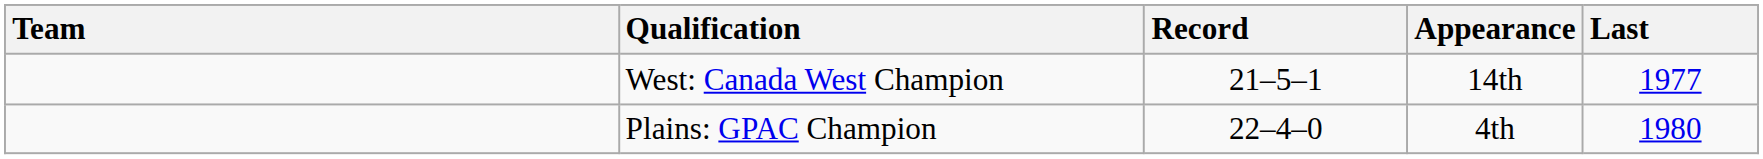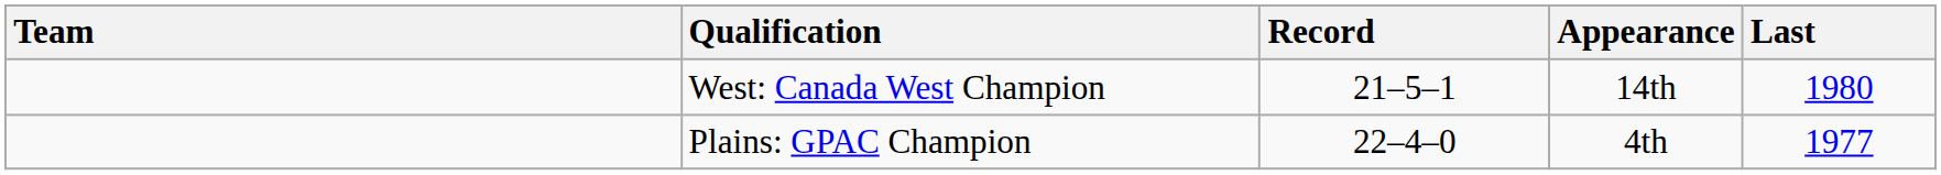 <table class="wikitable sortable" style="text-align: center;" width=900>
 <tr style="background:#efefef; text-align:center">
 <th style="text-align:left" width=35%>Team</th>
 <th style="text-align:left" width=30%>Qualification</th>
 <th style="text-align:left" width=15%>Record</th>
 <th style="text-align:left" width=10%>Appearance</th>
 <th style="text-align:left" width=10%>Last</th>
 </tr>
 <tr style="text-align:center">
 <td style="text-align:left; "><a href='#'></a></td>
 <td style="text-align:left">West: <a href='#'>Canada West</a> Champion</td>
 <td style="text-align:center">21–5–1</td>
 <td style="text-align:center">14th</td>
-<td style="text-align:center"><a href='#'>1977</a></td>
+<td style="text-align:center"><a href='#'>1980</a></td>
 </tr>
 <tr style="text-align:center">
 <td style="text-align:left; "><a href='#'></a></td>
 <td style="text-align:left">Plains: <a href='#'>GPAC</a> Champion</td>
 <td style="text-align:center">22–4–0</td>
 <td style="text-align:center">4th</td>
-<td style="text-align:center"><a href='#'>1980</a></td>
+<td style="text-align:center"><a href='#'>1977</a></td>
 </tr>
 </table>
